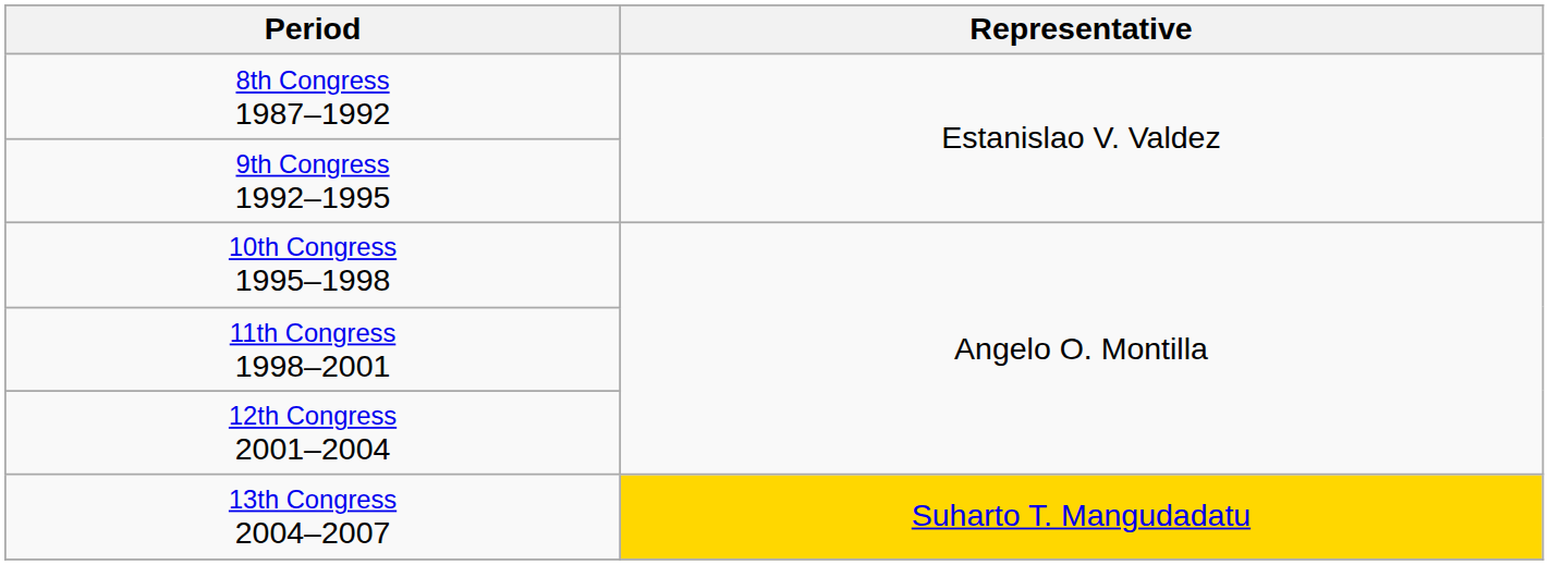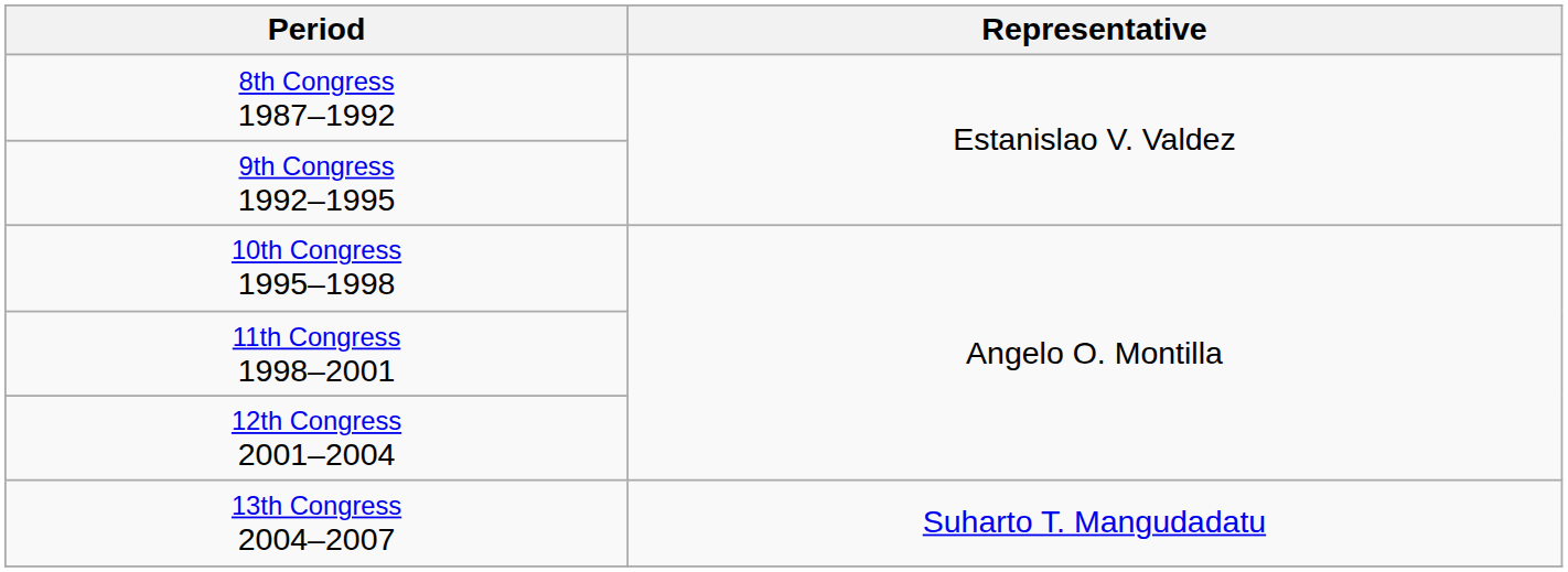 <table class="wikitable" style="text-align:center; width:40%;">
 <tr>
 <th width="40%">Period</th>
 <th>Representative</th>
 </tr>
 <tr>
 <td><small><a href='#'>8th Congress</a></small><br>1987–1992</td>
 <td rowspan="2">Estanislao V. Valdez</td>
 </tr>
 <tr>
 <td><small><a href='#'>9th Congress</a></small><br>1992–1995</td>
 </tr>
 <tr>
 <td><small><a href='#'>10th Congress</a></small><br>1995–1998</td>
 <td rowspan="3">Angelo O. Montilla</td>
 </tr>
 <tr>
 <td><small><a href='#'>11th Congress</a></small><br>1998–2001</td>
 </tr>
 <tr>
 <td><small><a href='#'>12th Congress</a></small><br>2001–2004</td>
 </tr>
 <tr>
 <td><small><a href='#'>13th Congress</a></small><br>2004–2007</td>
-<td style="background: gold;"><a href='#'>Suharto T. Mangudadatu</a></td>
+<td><a href='#'>Suharto T. Mangudadatu</a></td>
 </tr>
 </table>
